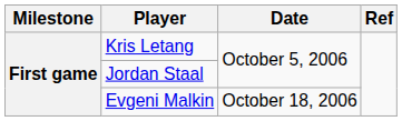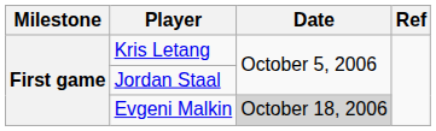 <table class="wikitable">
 <tr>
 <th scope="col">Milestone</th>
 <th scope="col">Player</th>
 <th scope="col">Date</th>
 <th scope="col">Ref</th>
 </tr>
 <tr>
 <th rowspan=3>First game</th>
 <td><a href='#'>Kris Letang</a></td>
 <td rowspan=2>October 5, 2006</td>
 <td rowspan=3></td>
 </tr>
 <tr>
 <td><a href='#'>Jordan Staal</a></td>
 </tr>
 <tr>
 <td><a href='#'>Evgeni Malkin</a></td>
-<td>October 18, 2006</td>
+<td style="background: lightgrey;">October 18, 2006</td>
 </tr>
 </table>
